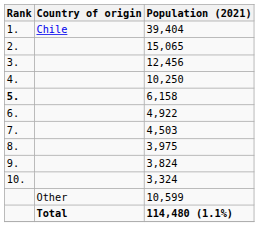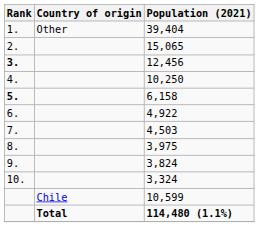 <table class="wikitable">
 <tr>
 <th>Rank</th>
 <th>Country of origin</th>
 <th>Population (2021)</th>
 </tr>
 <tr>
 <td>1.</td>
-<td> <a href='#'>Chile</a></td>
+<td>Other</td>
 <td>39,404</td>
 </tr>
 <tr>
 <td>2.</td>
 <td></td>
 <td>15,065</td>
 </tr>
 <tr>
-<td>3.</td>
+<td><strong>3.</strong></td>
 <td></td>
 <td>12,456</td>
 </tr>
 <tr>
 <td>4.</td>
 <td></td>
 <td>10,250</td>
 </tr>
 <tr>
 <td><strong>5.</strong></td>
 <td></td>
 <td>6,158</td>
 </tr>
 <tr>
 <td>6.</td>
 <td></td>
 <td>4,922</td>
 </tr>
 <tr>
 <td>7.</td>
 <td></td>
 <td>4,503</td>
 </tr>
 <tr>
 <td>8.</td>
 <td></td>
 <td>3,975</td>
 </tr>
 <tr>
 <td>9.</td>
 <td></td>
 <td>3,824</td>
 </tr>
 <tr>
 <td>10.</td>
 <td></td>
 <td>3,324</td>
 </tr>
 <tr>
 <td></td>
-<td>Other</td>
+<td> <a href='#'>Chile</a></td>
 <td>10,599</td>
 </tr>
 <tr>
 <td></td>
 <td><strong>Total</strong></td>
 <td><strong>114,480 (1.1%)</strong></td>
 </tr>
 <tr>
 </tr>
 </table>
